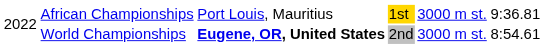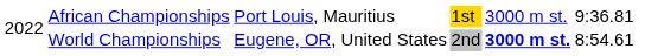 <table>
 <tr>
 <td rowspan=2>2022</td>
 <td><a href='#'>African Championships</a></td>
 <td><a href='#'>Port Louis</a>, Mauritius</td>
 <td bgcolor=gold>1st</td>
 <td><a href='#'>3000 m st.</a></td>
 <td>9:36.81</td>
 </tr>
 <tr>
 <td><a href='#'>World Championships</a></td>
-<td><strong><a href='#'>Eugene, OR</a>, United States</strong></td>
+<td><a href='#'>Eugene, OR</a>, United States</td>
 <td bgcolor=silver>2nd</td>
-<td><a href='#'>3000 m st.</a></td>
+<td><strong><a href='#'>3000 m st.</a></strong></td>
 <td>8:54.61 </td>
 </tr>
 </table>
